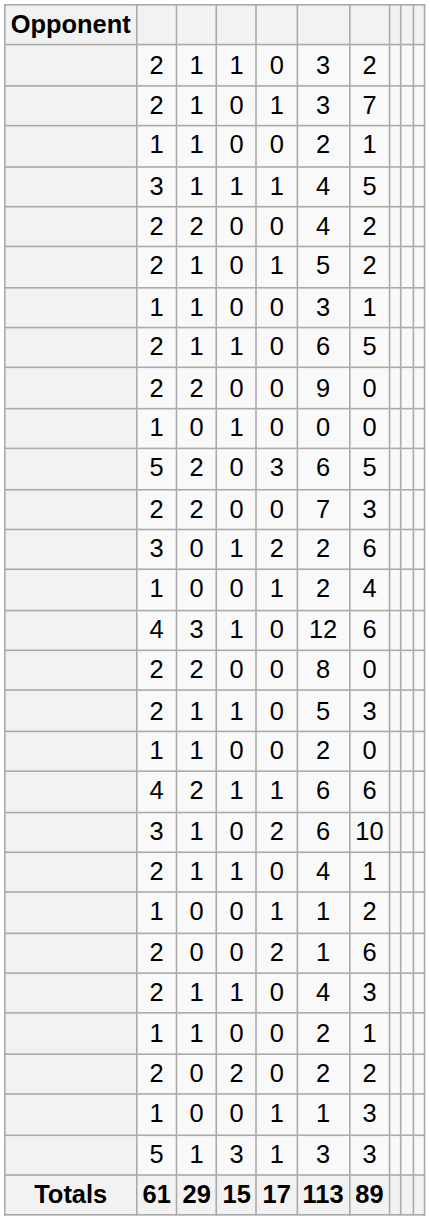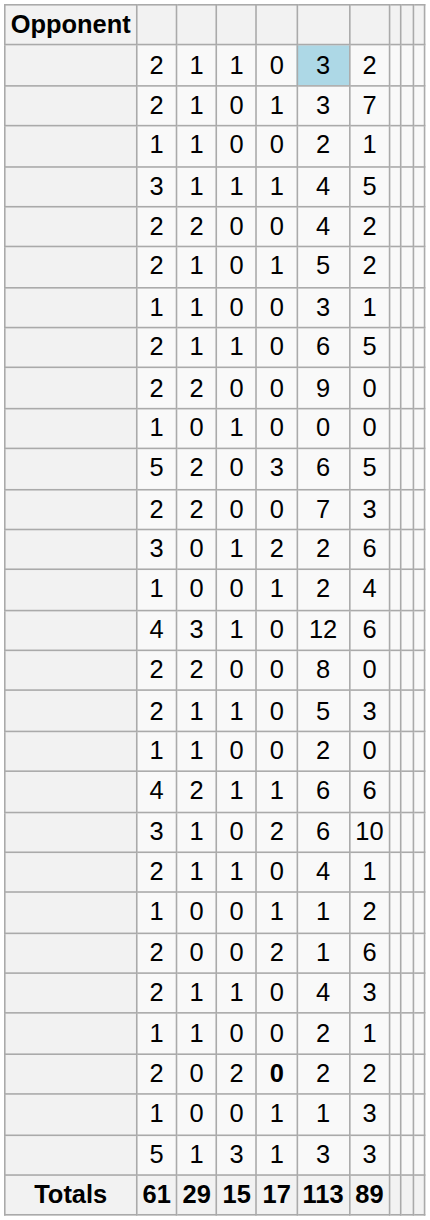 <table class="wikitable plainrowheaders sortable" style="text-align:center">
 <tr>
 <th scope=col>Opponent</th>
 <th scope=col></th>
 <th scope=col></th>
 <th scope=col></th>
 <th scope=col></th>
 <th scope=col></th>
 <th scope=col></th>
 <th scope=col></th>
 <th scope=col></th>
 <th scope=col></th>
 </tr>
 <tr>
 <th scope=row style="text-align:left;"></th>
 <td>2</td>
 <td>1</td>
 <td>1</td>
 <td>0</td>
-<td>3</td>
+<td style="background: lightblue;">3</td>
 <td>2</td>
 <td></td>
 <td></td>
 <td></td>
 </tr>
 <tr>
 <th scope=row style="text-align:left;"></th>
 <td>2</td>
 <td>1</td>
 <td>0</td>
 <td>1</td>
 <td>3</td>
 <td>7</td>
 <td></td>
 <td></td>
 <td></td>
 </tr>
 <tr>
 <th scope=row style="text-align:left;"></th>
 <td>1</td>
 <td>1</td>
 <td>0</td>
 <td>0</td>
 <td>2</td>
 <td>1</td>
 <td></td>
 <td></td>
 <td></td>
 </tr>
 <tr>
 <th scope=row style="text-align:left;"></th>
 <td>3</td>
 <td>1</td>
 <td>1</td>
 <td>1</td>
 <td>4</td>
 <td>5</td>
 <td></td>
 <td></td>
 <td></td>
 </tr>
 <tr>
 <th scope=row style="text-align:left;"></th>
 <td>2</td>
 <td>2</td>
 <td>0</td>
 <td>0</td>
 <td>4</td>
 <td>2</td>
 <td></td>
 <td></td>
 <td></td>
 </tr>
 <tr>
 <th scope=row style="text-align:left;"></th>
 <td>2</td>
 <td>1</td>
 <td>0</td>
 <td>1</td>
 <td>5</td>
 <td>2</td>
 <td></td>
 <td></td>
 <td></td>
 </tr>
 <tr>
 <th scope=row style="text-align:left;"></th>
 <td>1</td>
 <td>1</td>
 <td>0</td>
 <td>0</td>
 <td>3</td>
 <td>1</td>
 <td></td>
 <td></td>
 <td></td>
 </tr>
 <tr>
 <th scope=row style="text-align:left;"></th>
 <td>2</td>
 <td>1</td>
 <td>1</td>
 <td>0</td>
 <td>6</td>
 <td>5</td>
 <td></td>
 <td></td>
 <td></td>
 </tr>
 <tr>
 <th scope=row style="text-align:left;"></th>
 <td>2</td>
 <td>2</td>
 <td>0</td>
 <td>0</td>
 <td>9</td>
 <td>0</td>
 <td></td>
 <td></td>
 <td></td>
 </tr>
 <tr>
 <th scope=row style="text-align:left;"></th>
 <td>1</td>
 <td>0</td>
 <td>1</td>
 <td>0</td>
 <td>0</td>
 <td>0</td>
 <td></td>
 <td></td>
 <td></td>
 </tr>
 <tr>
 <th scope=row style="text-align:left;"></th>
 <td>5</td>
 <td>2</td>
 <td>0</td>
 <td>3</td>
 <td>6</td>
 <td>5</td>
 <td></td>
 <td></td>
 <td></td>
 </tr>
 <tr>
 <th scope=row style="text-align:left;"></th>
 <td>2</td>
 <td>2</td>
 <td>0</td>
 <td>0</td>
 <td>7</td>
 <td>3</td>
 <td></td>
 <td></td>
 <td></td>
 </tr>
 <tr>
 <th scope=row style="text-align:left;"></th>
 <td>3</td>
 <td>0</td>
 <td>1</td>
 <td>2</td>
 <td>2</td>
 <td>6</td>
 <td></td>
 <td></td>
 <td></td>
 </tr>
 <tr>
 <th scope=row style="text-align:left;"></th>
 <td>1</td>
 <td>0</td>
 <td>0</td>
 <td>1</td>
 <td>2</td>
 <td>4</td>
 <td></td>
 <td></td>
 <td></td>
 </tr>
 <tr>
 <th scope=row style="text-align:left;"></th>
 <td>4</td>
 <td>3</td>
 <td>1</td>
 <td>0</td>
 <td>12</td>
 <td>6</td>
 <td></td>
 <td></td>
 <td></td>
 </tr>
 <tr>
 <th scope=row style="text-align:left;"></th>
 <td>2</td>
 <td>2</td>
 <td>0</td>
 <td>0</td>
 <td>8</td>
 <td>0</td>
 <td></td>
 <td></td>
 <td></td>
 </tr>
 <tr>
 <th scope=row style="text-align:left;"></th>
 <td>2</td>
 <td>1</td>
 <td>1</td>
 <td>0</td>
 <td>5</td>
 <td>3</td>
 <td></td>
 <td></td>
 <td></td>
 </tr>
 <tr>
 <th scope=row style="text-align:left;"></th>
 <td>1</td>
 <td>1</td>
 <td>0</td>
 <td>0</td>
 <td>2</td>
 <td>0</td>
 <td></td>
 <td></td>
 <td></td>
 </tr>
 <tr>
 <th scope=row style="text-align:left;"></th>
 <td>4</td>
 <td>2</td>
 <td>1</td>
 <td>1</td>
 <td>6</td>
 <td>6</td>
 <td></td>
 <td></td>
 <td></td>
 </tr>
 <tr>
 <th scope=row style="text-align:left;"></th>
 <td>3</td>
 <td>1</td>
 <td>0</td>
 <td>2</td>
 <td>6</td>
 <td>10</td>
 <td></td>
 <td></td>
 <td></td>
 </tr>
 <tr>
 <th scope=row style="text-align:left;"></th>
 <td>2</td>
 <td>1</td>
 <td>1</td>
 <td>0</td>
 <td>4</td>
 <td>1</td>
 <td></td>
 <td></td>
 <td></td>
 </tr>
 <tr>
 <th scope=row style="text-align:left;"></th>
 <td>1</td>
 <td>0</td>
 <td>0</td>
 <td>1</td>
 <td>1</td>
 <td>2</td>
 <td></td>
 <td></td>
 <td></td>
 </tr>
 <tr>
 <th scope=row style="text-align:left;"></th>
 <td>2</td>
 <td>0</td>
 <td>0</td>
 <td>2</td>
 <td>1</td>
 <td>6</td>
 <td></td>
 <td></td>
 <td></td>
 </tr>
 <tr>
 <th scope=row style="text-align:left;"></th>
 <td>2</td>
 <td>1</td>
 <td>1</td>
 <td>0</td>
 <td>4</td>
 <td>3</td>
 <td></td>
 <td></td>
 <td></td>
 </tr>
 <tr>
 <th scope=row style="text-align:left;"></th>
 <td>1</td>
 <td>1</td>
 <td>0</td>
 <td>0</td>
 <td>2</td>
 <td>1</td>
 <td></td>
 <td></td>
 <td></td>
 </tr>
 <tr>
 <th scope=row style="text-align:left;"></th>
 <td>2</td>
 <td>0</td>
 <td>2</td>
-<td>0</td>
+<td><strong>0</strong></td>
 <td>2</td>
 <td>2</td>
 <td></td>
 <td></td>
 <td></td>
 </tr>
 <tr>
 <th scope=row style="text-align:left;"></th>
 <td>1</td>
 <td>0</td>
 <td>0</td>
 <td>1</td>
 <td>1</td>
 <td>3</td>
 <td></td>
 <td></td>
 <td></td>
 </tr>
 <tr>
 <th scope=row style="text-align:left;"></th>
 <td>5</td>
 <td>1</td>
 <td>3</td>
 <td>1</td>
 <td>3</td>
 <td>3</td>
 <td></td>
 <td></td>
 <td></td>
 </tr>
 <tr class="sortbottom">
 <th>Totals</th>
 <th>61</th>
 <th>29</th>
 <th>15</th>
 <th>17</th>
 <th>113</th>
 <th>89</th>
 <th></th>
 <th></th>
 <th></th>
 </tr>
 </table>
